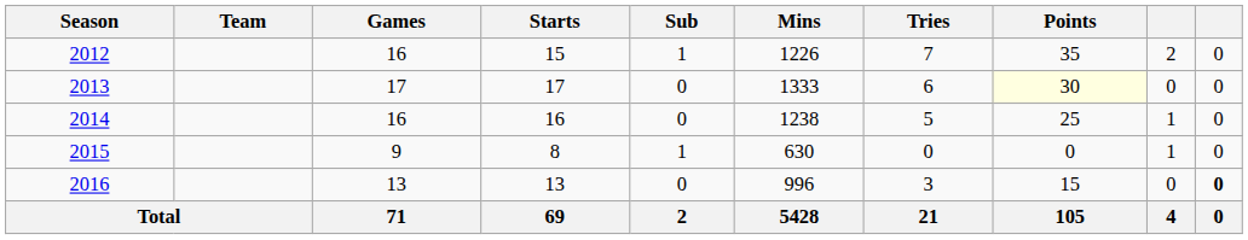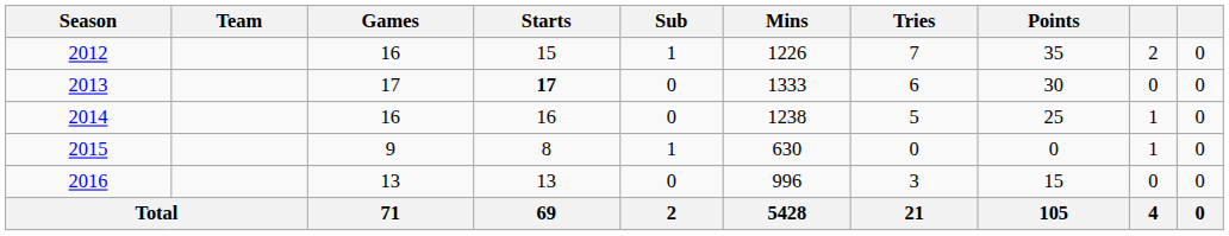 <table class="wikitable" style="text-align:center; font-size:95%; width:75%;">
 <tr>
 <th>Season</th>
 <th>Team</th>
 <th>Games</th>
 <th>Starts</th>
 <th>Sub</th>
 <th>Mins</th>
 <th>Tries</th>
 <th>Points</th>
 <th></th>
 <th></th>
 </tr>
 <tr>
 <td><a href='#'>2012</a></td>
 <td></td>
 <td>16</td>
 <td>15</td>
 <td>1</td>
 <td>1226</td>
 <td>7</td>
 <td>35</td>
 <td>2</td>
 <td>0</td>
 </tr>
 <tr>
 <td><a href='#'>2013</a></td>
 <td></td>
 <td>17</td>
-<td>17</td>
+<td><strong>17</strong></td>
 <td>0</td>
 <td>1333</td>
 <td>6</td>
-<td style="background: lightyellow;">30</td>
+<td>30</td>
 <td>0</td>
 <td>0</td>
 </tr>
 <tr>
 <td><a href='#'>2014</a></td>
 <td></td>
 <td>16</td>
 <td>16</td>
 <td>0</td>
 <td>1238</td>
 <td>5</td>
 <td>25</td>
 <td>1</td>
 <td>0</td>
 </tr>
 <tr>
 <td><a href='#'>2015</a></td>
 <td></td>
 <td>9</td>
 <td>8</td>
 <td>1</td>
 <td>630</td>
 <td>0</td>
 <td>0</td>
 <td>1</td>
 <td>0</td>
 </tr>
 <tr>
 <td><a href='#'>2016</a></td>
 <td></td>
 <td>13</td>
 <td>13</td>
 <td>0</td>
 <td>996</td>
 <td>3</td>
 <td>15</td>
 <td>0</td>
-<td><strong>0</strong></td>
+<td>0</td>
 </tr>
 <tr>
 <th colspan="2">Total</th>
 <th>71</th>
 <th>69</th>
 <th>2</th>
 <th>5428</th>
 <th>21</th>
 <th>105</th>
 <th>4</th>
 <th>0</th>
 </tr>
 </table>
